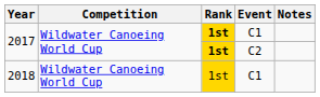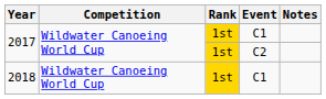 <table class="wikitable" width=40% style="font-size:100%; text-align:center;">
 <tr>
 <th>Year</th>
 <th>Competition</th>
 <th>Rank</th>
 <th>Event</th>
 <th>Notes</th>
 </tr>
 <tr>
 <td rowspan=2>2017</td>
 <td rowspan=2 align=left><a href='#'>Wildwater Canoeing World Cup</a></td>
-<td bgcolor=gold><strong>1st</strong></td>
+<td bgcolor=gold>1st</td>
 <td>C1</td>
 <td></td>
 </tr>
 <tr>
-<td bgcolor=gold><strong>1st</strong></td>
+<td bgcolor=gold>1st</td>
 <td>C2</td>
 <td></td>
 </tr>
 <tr>
 <td rowspan=2>2018</td>
 <td rowspan=2 align=left><a href='#'>Wildwater Canoeing World Cup</a></td>
 <td bgcolor=gold>1st</td>
 <td>C1</td>
 <td></td>
 </tr>
 </table>
